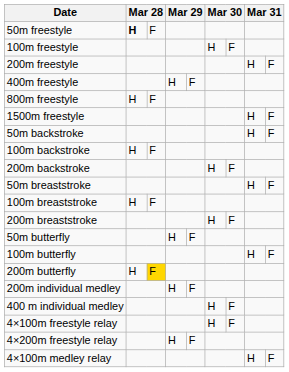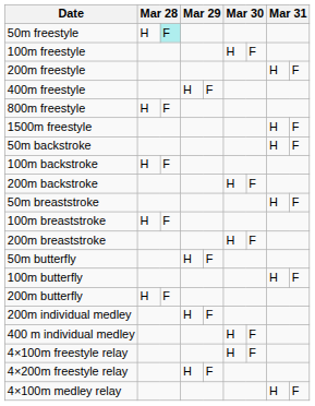 <table class="wikitable swimming-schedule">
 <tr>
 <th scope="row">Date</th>
 <th scope="col" colspan="2">Mar 28</th>
 <th scope="col" colspan="2">Mar 29</th>
 <th scope="col" colspan="2">Mar 30</th>
 <th scope="col" colspan="2">Mar 31</th>
 </tr>
 <tr>
 <td class="event">50m freestyle</td>
-<td class="heats"><strong>H</strong></td>
-<td class="final">F</td>
+<td class="heats">H</td>
+<td class="final" style="background: paleturquoise;">F</td>
 <td colspan=2></td>
 <td colspan=2></td>
 <td colspan=2></td>
 </tr>
 <tr>
 <td class="event">100m freestyle</td>
 <td colspan=2></td>
 <td colspan=2></td>
 <td class="heats">H</td>
 <td class="final">F</td>
 <td colspan=2></td>
 </tr>
 <tr>
 <td class="event">200m freestyle</td>
 <td colspan=2></td>
 <td colspan=2></td>
 <td colspan=2></td>
 <td class="heats">H</td>
 <td class="final">F</td>
 </tr>
 <tr>
 <td class="event">400m freestyle</td>
 <td colspan=2></td>
 <td class="heats">H</td>
 <td class="final">F</td>
 <td colspan=2></td>
 <td colspan=2></td>
 </tr>
 <tr>
 <td class="event">800m freestyle</td>
 <td class="heats">H</td>
 <td class="final">F</td>
 <td colspan=2></td>
 <td colspan=2></td>
 <td colspan=2></td>
 </tr>
 <tr>
 <td class="event">1500m freestyle</td>
 <td colspan=2></td>
 <td colspan=2></td>
 <td colspan=2></td>
 <td class="heats">H</td>
 <td class="final">F</td>
 </tr>
 <tr>
 <td class="event">50m backstroke</td>
 <td colspan=2></td>
 <td colspan=2></td>
 <td colspan=2></td>
 <td class="heats">H</td>
 <td class="final">F</td>
 </tr>
 <tr>
 <td class="event">100m backstroke</td>
 <td class="heats">H</td>
 <td class="final">F</td>
 <td colspan=2></td>
 <td colspan=2></td>
 <td colspan=2></td>
 </tr>
 <tr>
 <td class="event">200m backstroke</td>
 <td colspan=2></td>
 <td colspan=2></td>
 <td class="heats">H</td>
 <td class="final">F</td>
 <td colspan=2></td>
 </tr>
 <tr>
 <td class="event">50m breaststroke</td>
 <td colspan=2></td>
 <td colspan=2></td>
 <td colspan=2></td>
 <td class="heats">H</td>
 <td class="final">F</td>
 </tr>
 <tr>
 <td class="event">100m breaststroke</td>
 <td class="heats">H</td>
 <td class="final">F</td>
 <td colspan=2></td>
 <td colspan=2></td>
 <td colspan=2></td>
 </tr>
 <tr>
 <td class="event">200m breaststroke</td>
 <td colspan=2></td>
 <td colspan=2></td>
 <td class="heats">H</td>
 <td class="final">F</td>
 <td colspan=2></td>
 </tr>
 <tr>
 <td class="event">50m butterfly</td>
 <td colspan=2></td>
 <td class="heats">H</td>
 <td class="final">F</td>
 <td colspan=2></td>
 <td colspan=2></td>
 </tr>
 <tr>
 <td class="event">100m butterfly</td>
 <td colspan=2></td>
 <td colspan=2></td>
 <td colspan=2></td>
 <td class="heats">H</td>
 <td class="final">F</td>
 </tr>
 <tr>
 <td class="event">200m butterfly</td>
 <td class="heats">H</td>
-<td class="final" style="background: gold;">F</td>
+<td class="final">F</td>
 <td colspan=2></td>
 <td colspan=2></td>
 <td colspan=2></td>
 </tr>
 <tr>
 <td class="event">200m individual medley</td>
 <td colspan=2></td>
 <td class="heats">H</td>
 <td class="final">F</td>
 <td colspan=2></td>
 <td colspan=2></td>
 </tr>
 <tr>
 <td class="event">400 m individual medley</td>
 <td colspan=2></td>
 <td colspan=2></td>
 <td class="heats">H</td>
 <td class="final">F</td>
 <td colspan=2></td>
 </tr>
 <tr>
 <td class="event">4×100m freestyle relay</td>
 <td colspan=2></td>
 <td colspan=2></td>
 <td class="heats">H</td>
 <td class="final">F</td>
 <td colspan=2></td>
 </tr>
 <tr>
 <td class="event">4×200m freestyle relay</td>
 <td colspan=2></td>
 <td class="heats">H</td>
 <td class="final">F</td>
 <td colspan=2></td>
 <td colspan=2></td>
 </tr>
 <tr>
 <td class="event">4×100m medley relay</td>
 <td colspan=2></td>
 <td colspan=2></td>
 <td colspan=2></td>
 <td class="heats">H</td>
 <td class="final">F</td>
 </tr>
 </table>
